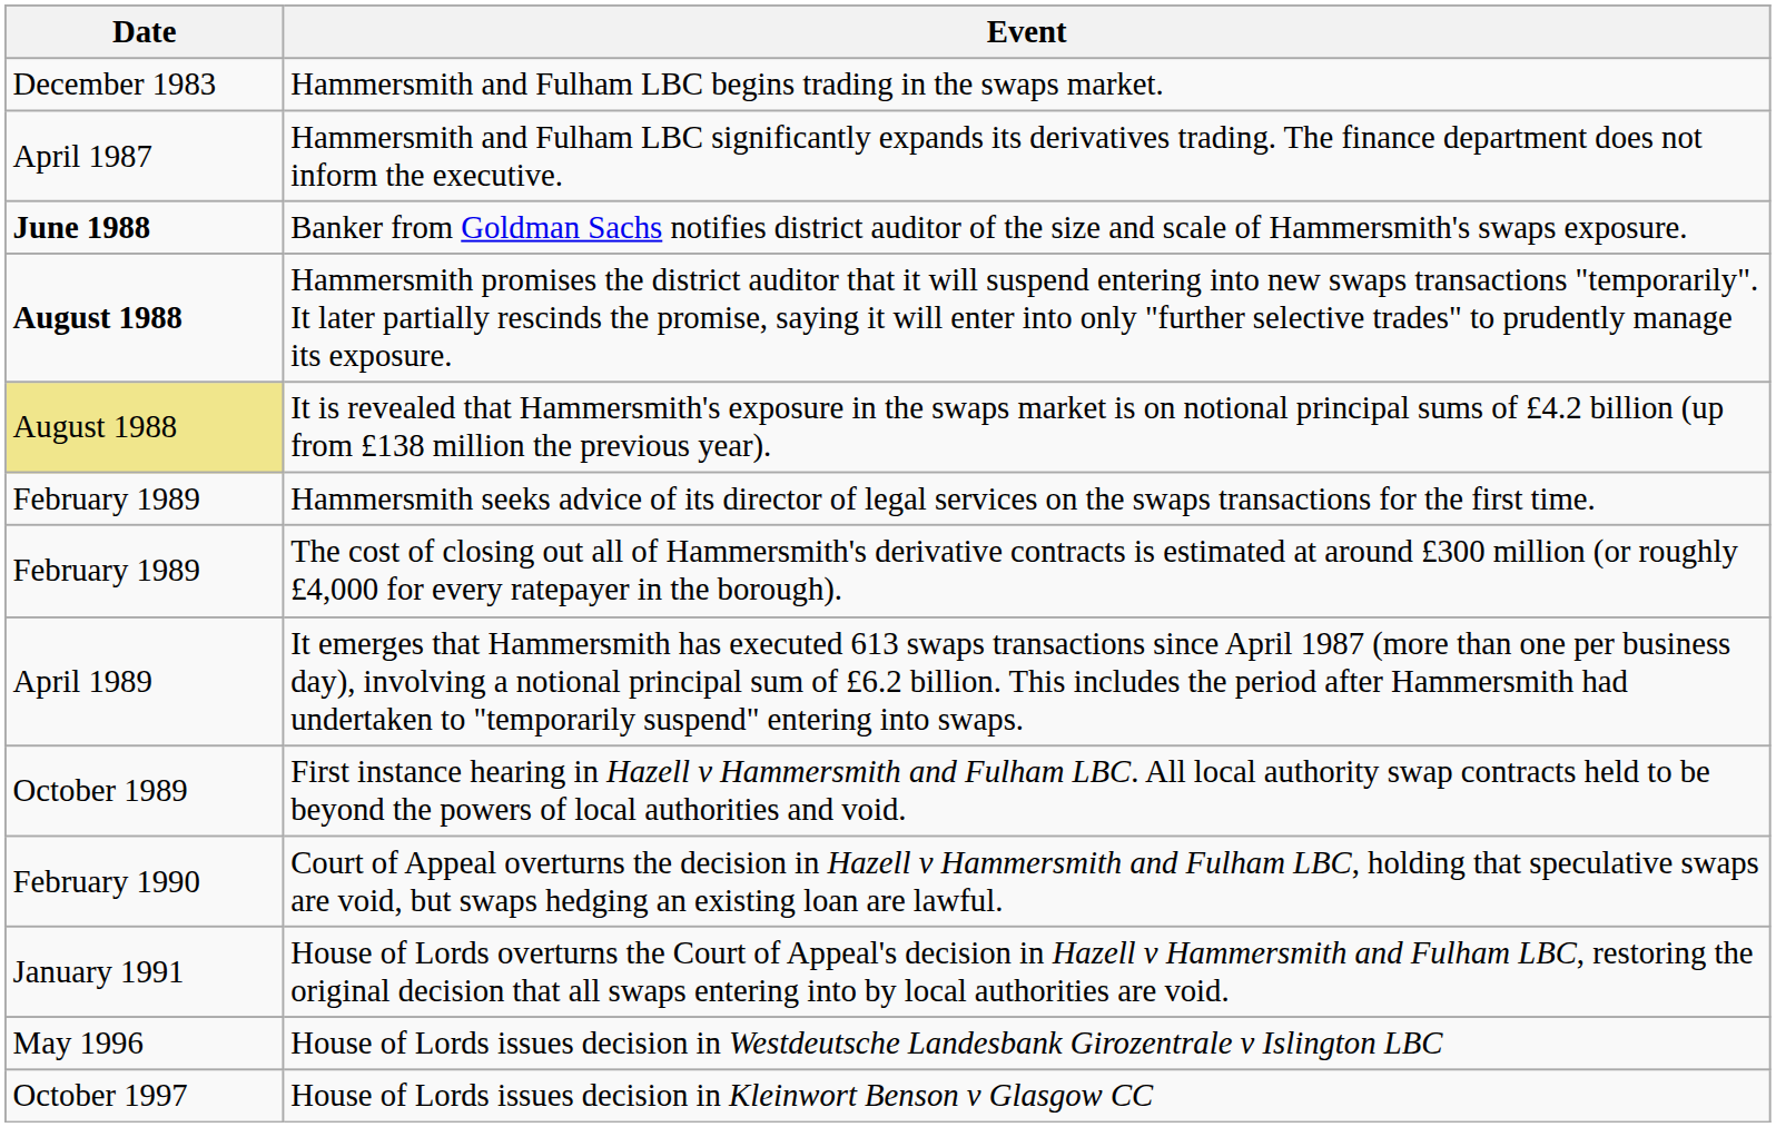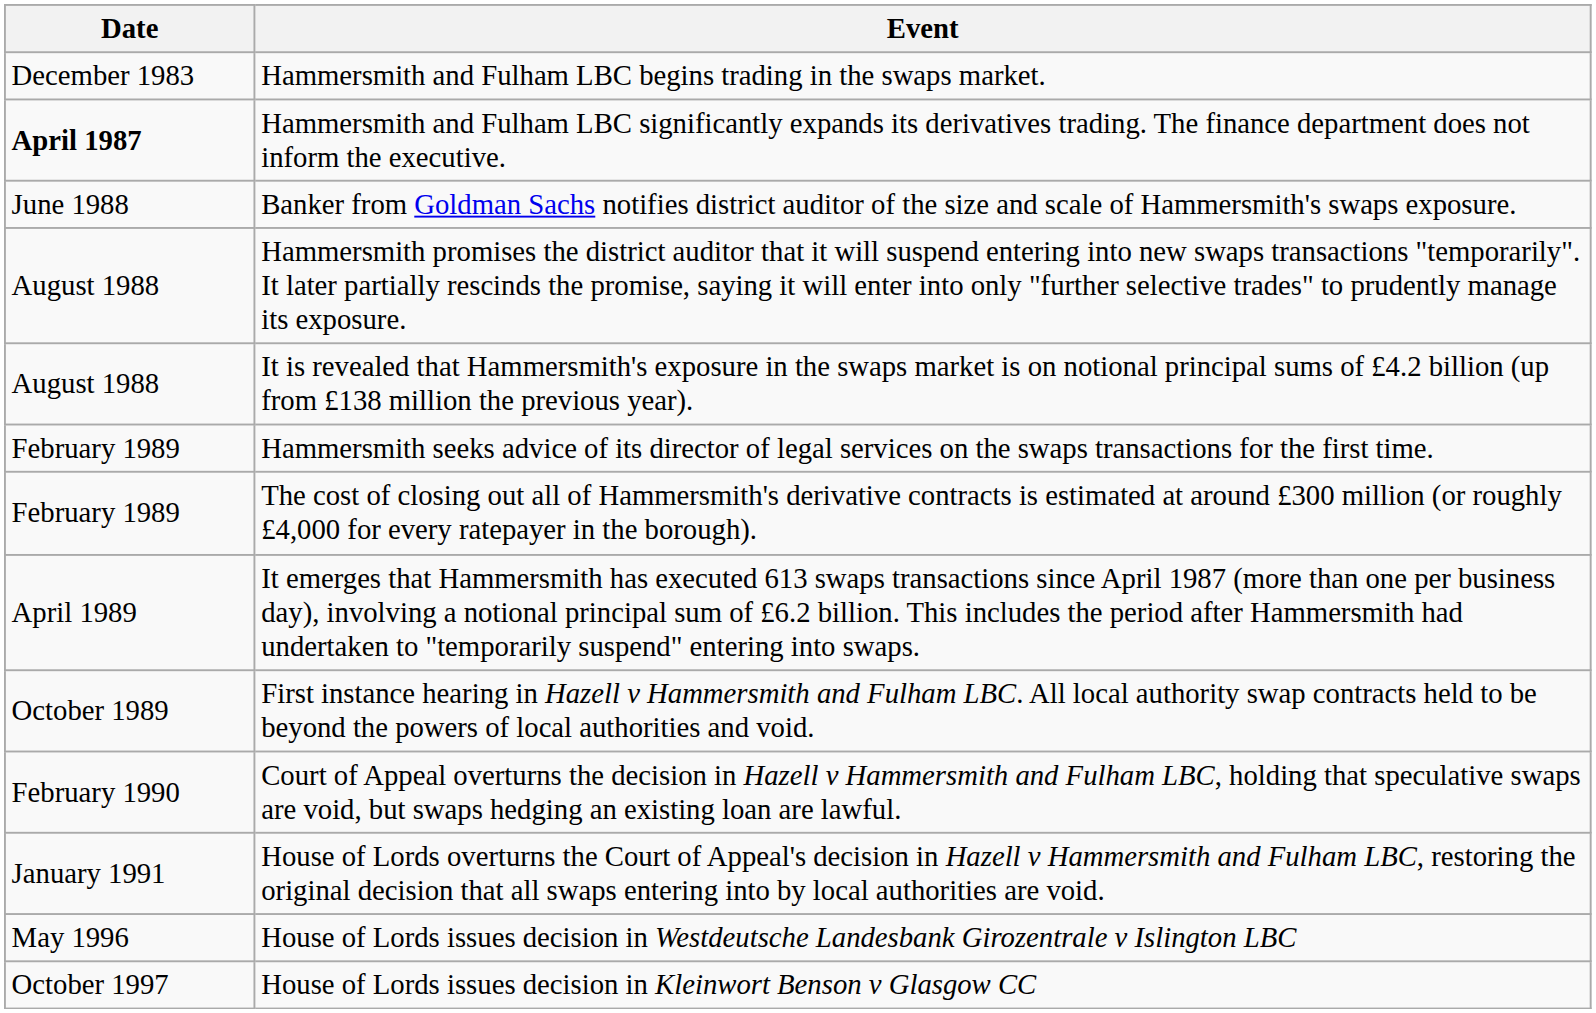 <table class="wikitable" style="font-size: 95%; ">
 <tr>
 <th align="center" width="125">Date</th>
 <th align="center" width="700">Event</th>
 </tr>
 <tr>
 <td>December 1983</td>
 <td>Hammersmith and Fulham LBC begins trading in the swaps market.</td>
 </tr>
 <tr>
-<td>April 1987</td>
+<td><strong>April 1987</strong></td>
 <td>Hammersmith and Fulham LBC significantly expands its derivatives trading.  The finance department does not inform the executive.</td>
 </tr>
 <tr>
-<td><strong>June 1988</strong></td>
+<td>June 1988</td>
 <td>Banker from <a href='#'>Goldman Sachs</a> notifies district auditor of the size and scale of Hammersmith's swaps exposure.</td>
 </tr>
 <tr>
-<td><strong>August 1988</strong></td>
+<td>August 1988</td>
 <td>Hammersmith promises the district auditor that it will suspend entering into new swaps transactions "temporarily".  It later partially rescinds the promise, saying it will enter into only "further selective trades" to prudently manage its exposure.</td>
 </tr>
 <tr>
-<td style="background: khaki;">August 1988</td>
+<td>August 1988</td>
 <td>It is revealed that Hammersmith's exposure in the swaps market is on notional principal sums of £4.2 billion (up from £138 million the previous year).</td>
 </tr>
 <tr>
 <td>February 1989</td>
 <td>Hammersmith seeks advice of its director of legal services on the swaps transactions for the first time.</td>
 </tr>
 <tr>
 <td>February 1989</td>
 <td>The cost of closing out all of Hammersmith's derivative contracts is estimated at around £300 million (or roughly £4,000 for every ratepayer in the borough).</td>
 </tr>
 <tr>
 <td>April 1989</td>
 <td>It emerges that Hammersmith has executed 613 swaps transactions since April 1987 (more than one per business day), involving a notional principal sum of £6.2 billion.  This includes the period after Hammersmith had undertaken to "temporarily suspend" entering into swaps.</td>
 </tr>
 <tr>
 <td>October 1989</td>
 <td>First instance hearing in <em>Hazell v Hammersmith and Fulham LBC</em>.  All local authority swap contracts held to be beyond the powers of local authorities and void.</td>
 </tr>
 <tr>
 <td>February 1990</td>
 <td>Court of Appeal overturns the decision in <em>Hazell v Hammersmith and Fulham LBC</em>, holding that speculative swaps are void, but swaps hedging an existing loan are lawful.</td>
 </tr>
 <tr>
 <td>January 1991</td>
 <td>House of Lords overturns the Court of Appeal's decision in <em>Hazell v Hammersmith and Fulham LBC</em>, restoring the original decision that all swaps entering into by local authorities are void.</td>
 </tr>
 <tr>
 <td>May 1996</td>
 <td>House of Lords issues decision in <em>Westdeutsche Landesbank Girozentrale v Islington LBC</em></td>
 </tr>
 <tr>
 <td>October 1997</td>
 <td>House of Lords issues decision in <em>Kleinwort Benson v Glasgow CC</em></td>
 </tr>
 </table>
